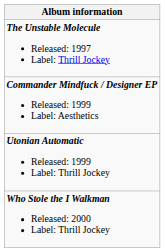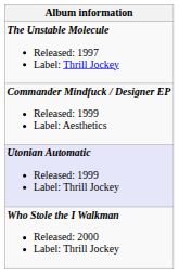 <table class="wikitable">
 <tr>
 <th>Album information</th>
 </tr>
 <tr>
 <td><strong><em>The Unstable Molecule</em></strong><br><ul><li>Released: 1997</li><li>Label: <a href='#'>Thrill Jockey</a></li></ul></td>
 </tr>
 <tr>
 <td><strong><em>Commander Mindfuck / Designer EP</em></strong><br><ul><li>Released: 1999</li><li>Label:  Aesthetics</li></ul></td>
 </tr>
 <tr>
-<td><strong><em>Utonian Automatic</em></strong><br><ul><li>Released: 1999</li><li>Label:  Thrill Jockey</li></ul></td>
+<td style="background: lavender;"><strong><em>Utonian Automatic</em></strong><br><ul><li>Released: 1999</li><li>Label:  Thrill Jockey</li></ul></td>
 </tr>
 <tr>
 <td><strong><em>Who Stole the I Walkman</em></strong><br><ul><li>Released: 2000</li><li>Label:  Thrill Jockey</li></ul></td>
 </tr>
 </table>
